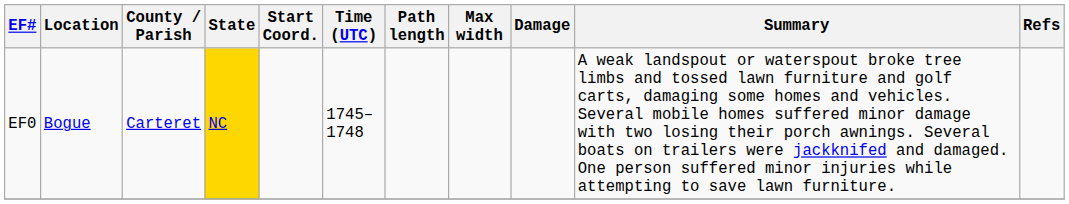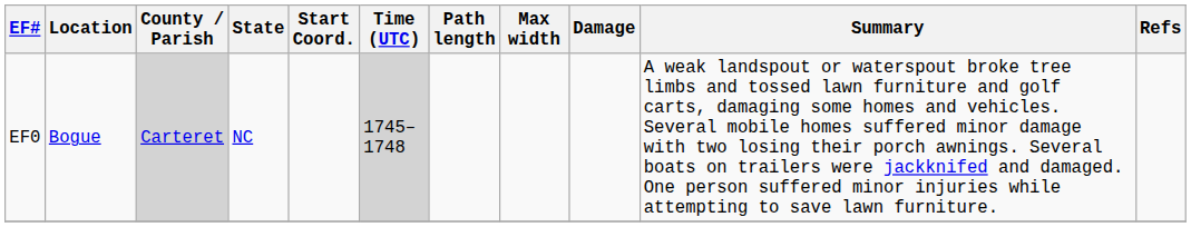 <table class="wikitable sortable" style="width:100%;">
 <tr>
 <th scope="col" width="3%" align="center"><a href='#'>EF#</a></th>
 <th scope="col" width="7%" align="center" class="unsortable">Location</th>
 <th scope="col" width="6%" align="center" class="unsortable">County / Parish</th>
 <th scope="col" width="5%" align="center">State</th>
 <th scope="col" width="6%" align="center">Start Coord.</th>
 <th scope="col" width="6%" align="center">Time (<a href='#'>UTC</a>)</th>
 <th scope="col" width="6%" align="center">Path length</th>
 <th scope="col" width="6%" align="center">Max width</th>
 <th scope="col" width="6%" align="center">Damage</th>
 <th scope="col" width="48%" class="unsortable" align="center">Summary</th>
 <th scope="col" width="48%" class="unsortable" align="center">Refs</th>
 </tr>
 <tr>
 <td>EF0</td>
 <td><a href='#'>Bogue</a></td>
-<td><a href='#'>Carteret</a></td>
-<td style="background: gold;"><a href='#'>NC</a></td>
+<td style="background: lightgrey;"><a href='#'>Carteret</a></td>
+<td><a href='#'>NC</a></td>
 <td></td>
-<td>1745–1748</td>
+<td style="background: lightgrey;">1745–1748</td>
 <td></td>
 <td></td>
 <td></td>
 <td>A weak landspout or waterspout broke tree limbs and tossed lawn furniture and golf carts, damaging some homes and vehicles. Several mobile homes suffered minor damage with two losing their porch awnings. Several boats on trailers were <a href='#'>jackknifed</a> and damaged. One person suffered minor injuries while attempting to save lawn furniture.</td>
 <td></td>
 </tr>
 <tr>
 </tr>
 </table>
